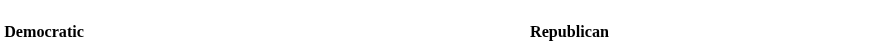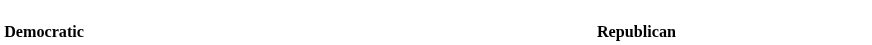 <table style="width:70%; text-align:center">
 <tr style="color:white">
 <td style="background:"><strong>214</strong></td>
+<td style="background:"><strong>5</strong></td>
 <td style="background:"><strong>216</strong></td>
-<td style="background:"><strong>5</strong></td>
 </tr>
 <tr>
 <td><span><strong>Democratic</strong></span></td>
+<td></td>
 <td><span><strong>Republican</strong></span></td>
-<td></td>
 </tr>
 </table>
